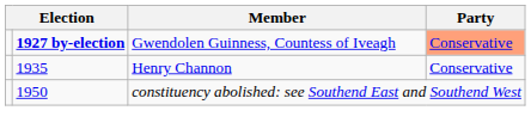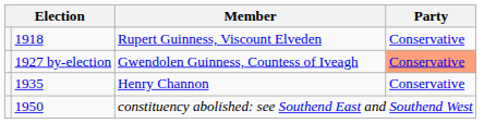 <table class="wikitable">
 <tr>
 <th colspan="2">Election</th>
 <th>Member</th>
 <th>Party</th>
 </tr>
 <tr>
 <td style="color:inherit;background-color: "></td>
-<td><strong><a href='#'>1927 by-election</a></strong></td>
+<td><a href='#'>1918</a></td>
+<td><a href='#'>Rupert Guinness, Viscount Elveden</a></td>
+<td><a href='#'>Conservative</a></td>
+</tr>
+<tr>
+<td style="color:inherit;background-color: "></td>
+<td><a href='#'>1927 by-election</a></td>
 <td><a href='#'>Gwendolen Guinness, Countess of Iveagh</a></td>
 <td style="background: lightsalmon;"><a href='#'>Conservative</a></td>
 </tr>
 <tr>
 <td style="color:inherit;background-color: "></td>
 <td><a href='#'>1935</a></td>
 <td><a href='#'>Henry Channon</a></td>
 <td><a href='#'>Conservative</a></td>
 </tr>
 <tr>
 <td></td>
 <td><a href='#'>1950</a></td>
 <td colspan="2"><em>constituency abolished: see <a href='#'>Southend East</a> and <a href='#'>Southend West</a></em></td>
 </tr>
 </table>
